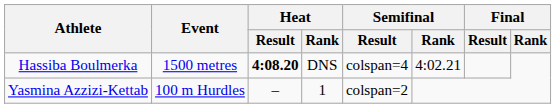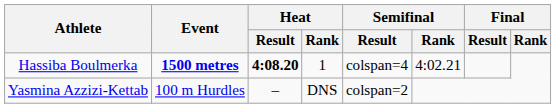 <table class="wikitable" style="font-size:90%">
 <tr>
 <th rowspan="2">Athlete</th>
 <th rowspan="2">Event</th>
 <th colspan="2">Heat</th>
 <th colspan="2">Semifinal</th>
 <th colspan="2">Final</th>
 </tr>
 <tr style="font-size:95%">
 <th>Result</th>
 <th>Rank</th>
 <th>Result</th>
 <th>Rank</th>
 <th>Result</th>
 <th>Rank</th>
 </tr>
 <tr style=text-align:center>
 <td><a href='#'>Hassiba Boulmerka</a></td>
-<td><a href='#'>1500 metres</a></td>
+<td><strong><a href='#'>1500 metres</a></strong></td>
 <td><strong>4:08.20</strong></td>
-<td>DNS</td>
+<td>1</td>
 <td>colspan=4 </td>
 <td>4:02.21</td>
 <td></td>
 </tr>
 <tr style=text-align:center>
 <td><a href='#'>Yasmina Azzizi-Kettab</a></td>
 <td><a href='#'>100 m Hurdles</a></td>
 <td>–</td>
-<td>1</td>
+<td>DNS</td>
 <td>colspan=2 </td>
 </tr>
 </table>
